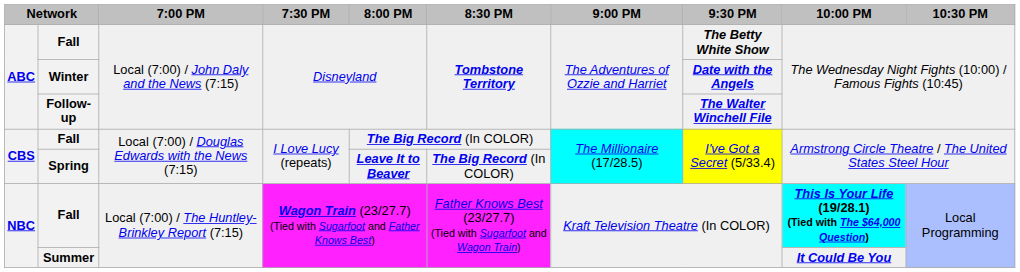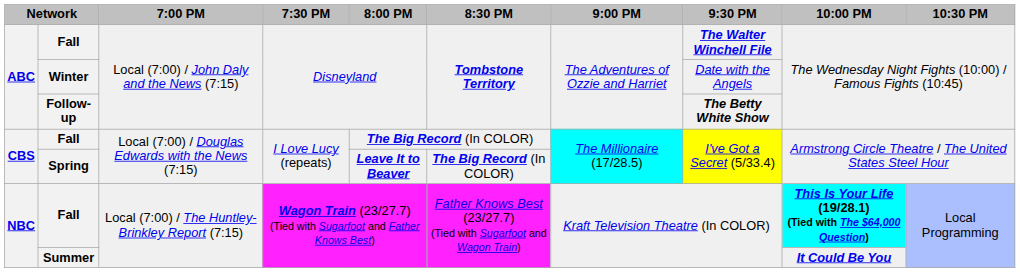 <table class="wikitable" style="width:100%;margin-right:0;text-align:center">
 <tr>
 <th colspan="2" style="background-color:#C0C0C0;text-align:center">Network</th>
 <th style="background-color:#C0C0C0;text-align:center">7:00 PM</th>
 <th style="background-color:#C0C0C0;text-align:center">7:30 PM</th>
 <th style="background-color:#C0C0C0;text-align:center">8:00 PM</th>
 <th style="background-color:#C0C0C0;text-align:center">8:30 PM</th>
 <th style="background-color:#C0C0C0;text-align:center">9:00 PM</th>
 <th style="background-color:#C0C0C0;text-align:center">9:30 PM</th>
 <th style="background-color:#C0C0C0;text-align:center">10:00 PM</th>
 <th style="background-color:#C0C0C0;text-align:center">10:30 PM</th>
 </tr>
 <tr>
 <th bgcolor="#C0C0C0" rowspan="3"><a href='#'>ABC</a></th>
 <th>Fall</th>
 <td bgcolor="#F0F0F0" rowspan="3">Local (7:00) / <em><a href='#'>John Daly and the News</a></em> (7:15)</td>
 <td colspan="2" bgcolor="#F0F0F0" rowspan="3"><em><a href='#'>Disneyland</a></em></td>
 <td bgcolor="#F0F0F0" rowspan="3"><strong><em><a href='#'>Tombstone Territory</a></em></strong></td>
 <td bgcolor="#F0F0F0" rowspan="3"><em><a href='#'>The Adventures of Ozzie and Harriet</a></em></td>
-<td bgcolor="#F0F0F0"><strong><em>The Betty White Show</em></strong></td>
+<td bgcolor="#F0F0F0"><strong><em><a href='#'>The Walter Winchell File</a></em></strong></td>
 <td colspan="2" bgcolor="#F0F0F0" rowspan="3"><em>The Wednesday Night Fights</em> (10:00) / <em>Famous Fights</em> (10:45)</td>
 </tr>
 <tr>
 <th>Winter</th>
-<td bgcolor="#F0F0F0"><strong><em><a href='#'>Date with the Angels</a></em></strong></td>
+<td bgcolor="#F0F0F0"><em><a href='#'>Date with the Angels</a></em></td>
 </tr>
 <tr>
 <th>Follow-up</th>
-<td bgcolor="#F0F0F0"><strong><em><a href='#'>The Walter Winchell File</a></em></strong></td>
+<td bgcolor="#F0F0F0"><strong><em>The Betty White Show</em></strong></td>
 </tr>
 <tr>
 <th bgcolor="#C0C0C0" rowspan="2"><a href='#'>CBS</a></th>
 <th>Fall</th>
 <td bgcolor="#F0F0F0" rowspan="2">Local (7:00) / <em><a href='#'>Douglas Edwards with the News</a></em> (7:15)</td>
 <td bgcolor="#F0F0F0" rowspan="2"><em><a href='#'>I Love Lucy</a></em> (repeats)</td>
 <td colspan="2" bgcolor="#F0F0F0"><strong><em><a href='#'>The Big Record</a></em></strong> (In <span>C</span><span>O</span><span>L</span><span>O</span><span>R</span>)</td>
 <td bgcolor="#00FFFF" rowspan="2"><em><a href='#'>The Millionaire</a></em> (17/28.5)</td>
 <td bgcolor="#FFFF00" rowspan="2"><em><a href='#'>I've Got a Secret</a></em> (5/33.4)</td>
 <td colspan="2" bgcolor="#F0F0F0" rowspan="2"><em><a href='#'>Armstrong Circle Theatre</a></em> / <em><a href='#'>The United States Steel Hour</a></em></td>
 </tr>
 <tr>
 <th>Spring</th>
 <td bgcolor="#F0F0F0"><strong><em><a href='#'>Leave It to Beaver</a></em></strong></td>
 <td bgcolor="#F0F0F0"><strong><em><a href='#'>The Big Record</a></em></strong> (In <span>C</span><span>O</span><span>L</span><span>O</span><span>R</span>)</td>
 </tr>
 <tr>
 <th bgcolor="#C0C0C0" rowspan="2"><a href='#'>NBC</a></th>
 <th>Fall</th>
 <td bgcolor="F0F0F0" rowspan="2">Local (7:00) / <em><a href='#'>The Huntley-Brinkley Report</a></em> (7:15)</td>
 <td colspan="2" bgcolor="#FF22FF" rowspan="2"><strong><em><a href='#'>Wagon Train</a></em></strong> (23/27.7)<br><small>(Tied with <em><a href='#'>Sugarfoot</a></em> and <em><a href='#'>Father Knows Best</a></em>)</small></td>
 <td bgcolor="#FF22FF" rowspan="2"><em><a href='#'>Father Knows Best</a></em> (23/27.7)<br><small>(Tied with <em><a href='#'>Sugarfoot</a></em> and <em><a href='#'>Wagon Train</a></em>)</small></td>
 <td colspan="2" bgcolor="#F0F0F0" rowspan="2"><em><a href='#'>Kraft Television Theatre</a></em> (In <span>C</span><span>O</span><span>L</span><span>O</span><span>R</span>)</td>
 <td bgcolor="#00FFFF"><strong><em><a href='#'>This Is Your Life</a></em> (19/28.1)<br><small>(Tied with <em><a href='#'>The $64,000 Question</a></em>)</small></strong></td>
 <td bgcolor="#ABBFFF" rowspan="2">Local Programming</td>
 </tr>
 <tr>
 <th>Summer</th>
 <td bgcolor="#F0F0F0"><strong><em><a href='#'>It Could Be You</a></em></strong></td>
 </tr>
 </table>
